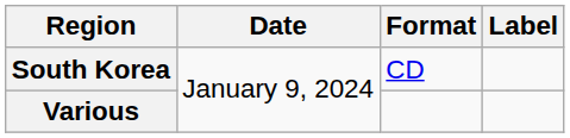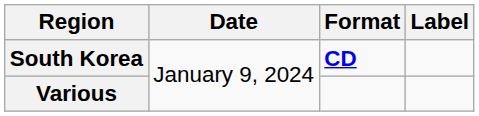 <table class="wikitable plainrowheaders">
 <tr>
 <th scope="col">Region</th>
 <th scope="col">Date</th>
 <th scope="col">Format</th>
 <th scope="col">Label</th>
 </tr>
 <tr>
 <th scope="row">South Korea</th>
 <td rowspan="2">January 9, 2024</td>
-<td><a href='#'>CD</a></td>
+<td><strong><a href='#'>CD</a></strong></td>
 <td></td>
 </tr>
 <tr>
 <th scope="row">Various </th>
 <td></td>
 <td></td>
 </tr>
 </table>
